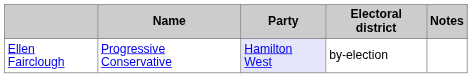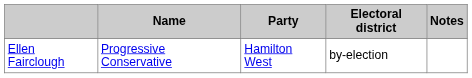 <table border="1" cellpadding="4" width="610" cellspacing="0" style="border-collapse: collapse" width="100%" class="sortable">
 <tr bgcolor="CCCCCC">
 <th></th>
 <th>Name</th>
 <th>Party</th>
 <th>Electoral district</th>
 <th>Notes</th>
 </tr>
 <tr>
 <td><a href='#'>Ellen Fairclough</a></td>
 <td><a href='#'>Progressive Conservative</a></td>
-<td style="background: lavender;"><a href='#'>Hamilton West</a></td>
+<td><a href='#'>Hamilton West</a></td>
 <td>by-election</td>
 </tr>
 </table>
